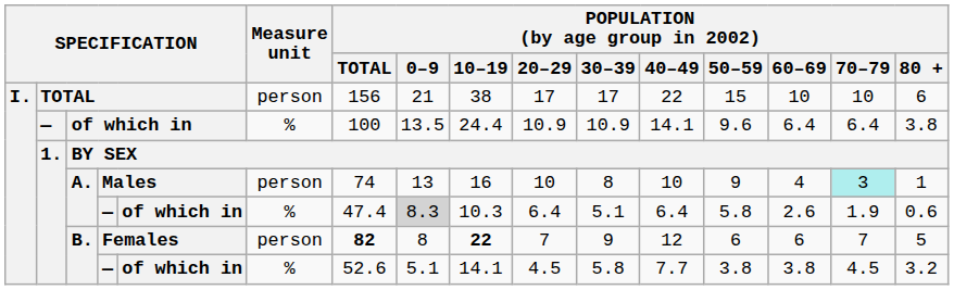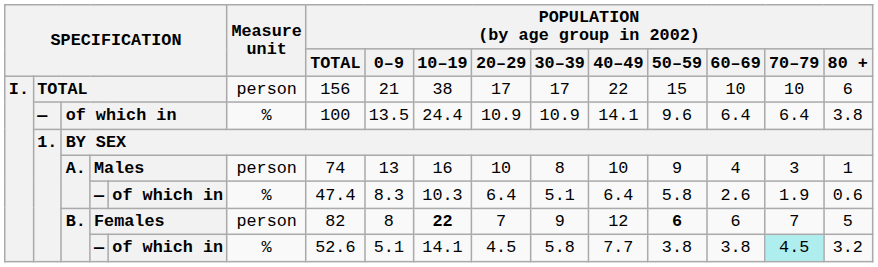 <table class="wikitable" style="font-size:85%; text-align:center">
 <tr>
 <th rowspan="2" colspan="5">SPECIFICATION</th>
 <th rowspan="2">Measure<br> unit</th>
 <th colspan="10" rowspan="1">POPULATION<br> (by age group in 2002)</th>
 </tr>
 <tr>
 <th>TOTAL</th>
 <th>0–9</th>
 <th>10–19</th>
 <th>20–29</th>
 <th>30–39</th>
 <th>40–49</th>
 <th>50–59</th>
 <th>60–69</th>
 <th>70–79</th>
 <th>80 +</th>
 </tr>
 <tr>
 <th style="text-align:left" valign="top" rowspan="7">I.</th>
 <th style="text-align:left" colspan="4">TOTAL</th>
 <td>person</td>
 <td>156</td>
 <td>21</td>
 <td>38</td>
 <td>17</td>
 <td>17</td>
 <td>22</td>
 <td>15</td>
 <td>10</td>
 <td>10</td>
 <td>6</td>
 </tr>
 <tr>
 <th style="text-align:left" valign="top">—</th>
 <th style="text-align:left" colspan="3">of which in</th>
 <td>%</td>
 <td>100</td>
 <td>13.5</td>
 <td>24.4</td>
 <td>10.9</td>
 <td>10.9</td>
 <td>14.1</td>
 <td>9.6</td>
 <td>6.4</td>
 <td>6.4</td>
 <td>3.8</td>
 </tr>
 <tr>
 <th style="text-align:left" valign="top" rowspan="5">1.</th>
 <th style="text-align:left" colspan="14">BY SEX</th>
 </tr>
 <tr>
 <th style="text-align:left" valign="top" rowspan="2">A.</th>
 <th style="text-align:left" colspan="2">Males</th>
 <td>person</td>
 <td>74</td>
 <td>13</td>
 <td>16</td>
 <td>10</td>
 <td>8</td>
 <td>10</td>
 <td>9</td>
 <td>4</td>
-<td style="background: paleturquoise;">3</td>
+<td>3</td>
 <td>1</td>
 </tr>
 <tr>
 <th style="text-align:left" valign="top">—</th>
 <th style="text-align:left" colspan="1">of which in</th>
 <td>%</td>
 <td>47.4</td>
-<td style="background: lightgrey;">8.3</td>
+<td>8.3</td>
 <td>10.3</td>
 <td>6.4</td>
 <td>5.1</td>
 <td>6.4</td>
 <td>5.8</td>
 <td>2.6</td>
 <td>1.9</td>
 <td>0.6</td>
 </tr>
 <tr>
 <th style="text-align:left" valign="top" rowspan="2">B.</th>
 <th style="text-align:left" colspan="2">Females</th>
 <td>person</td>
-<td><strong>82</strong></td>
+<td>82</td>
 <td>8</td>
 <td><strong>22</strong></td>
 <td>7</td>
 <td>9</td>
 <td>12</td>
-<td>6</td>
+<td><strong>6</strong></td>
 <td>6</td>
 <td>7</td>
 <td>5</td>
 </tr>
 <tr>
 <th style="text-align:left" valign="top">—</th>
 <th style="text-align:left" colspan="1">of which in</th>
 <td>%</td>
 <td>52.6</td>
 <td>5.1</td>
 <td>14.1</td>
 <td>4.5</td>
 <td>5.8</td>
 <td>7.7</td>
 <td>3.8</td>
 <td>3.8</td>
-<td>4.5</td>
+<td style="background: paleturquoise;">4.5</td>
 <td>3.2</td>
 </tr>
 </table>
